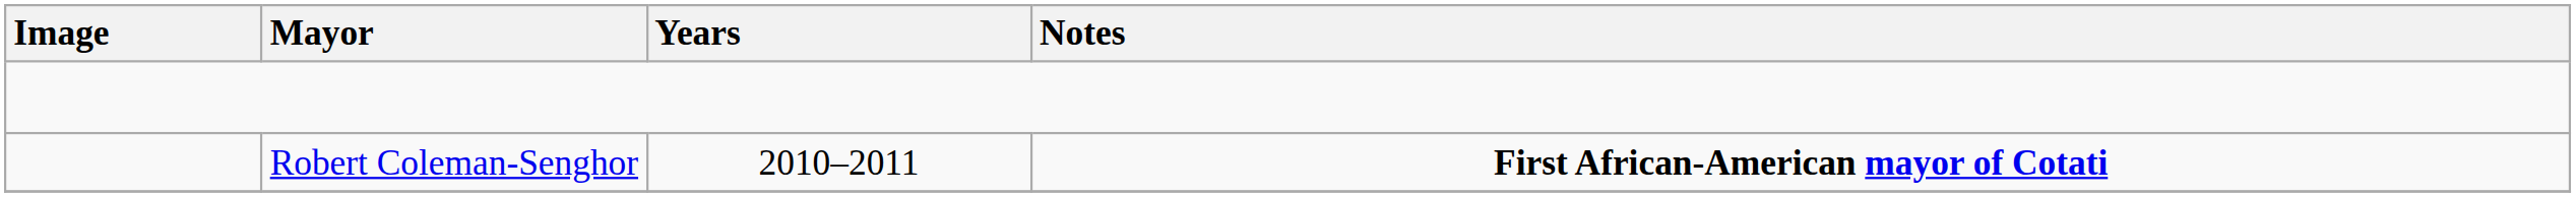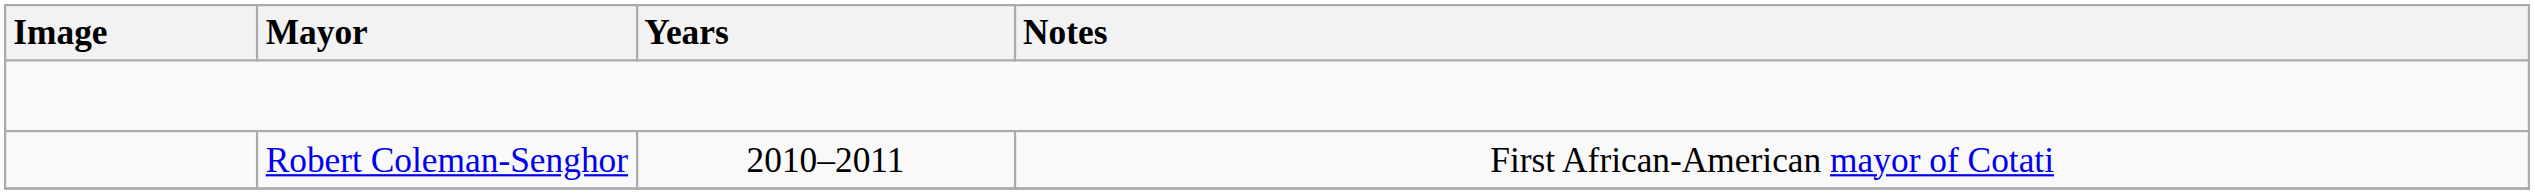 <table class="wikitable" style="text-align:center">
 <tr>
 <th style="text-align:left; width:10%;">Image</th>
 <th style="text-align:left; width:15%;">Mayor</th>
 <th style="text-align:left; width:15%;">Years</th>
 <th style="text-align:left; width:60%;">Notes</th>
 </tr>
 <tr style="height:2em">
 </tr>
 <tr>
 <td></td>
 <td><a href='#'>Robert Coleman-Senghor</a></td>
 <td>2010–2011</td>
-<td><strong>First African-American <a href='#'>mayor of Cotati</a></strong></td>
+<td>First African-American <a href='#'>mayor of Cotati</a></td>
 </tr>
 <tr>
 </tr>
 </table>
